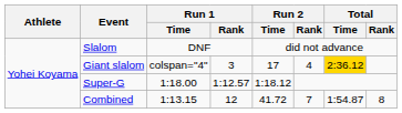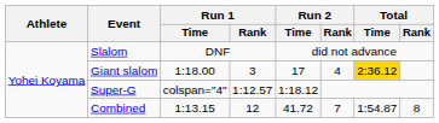 <table class="wikitable" style="font-size:90%">
 <tr>
 <th rowspan=2>Athlete</th>
 <th rowspan=2>Event</th>
 <th colspan=2>Run 1</th>
 <th colspan=2>Run 2</th>
 <th colspan=2>Total</th>
 </tr>
 <tr style="font-size:95%">
 <th>Time</th>
 <th>Rank</th>
 <th>Time</th>
 <th>Rank</th>
 <th>Time</th>
 <th>Rank</th>
 </tr>
 <tr align=center>
 <td align="left" rowspan="4"><a href='#'>Yohei Koyama</a></td>
 <td align="left"><a href='#'>Slalom</a></td>
 <td colspan=2>DNF</td>
 <td colspan=4>did not advance</td>
 </tr>
 <tr align=center>
 <td align="left"><a href='#'>Giant slalom</a></td>
-<td>colspan="4" </td>
+<td>1:18.00</td>
 <td>3</td>
 <td>17</td>
 <td>4</td>
 <td style="background: gold;">2:36.12</td>
 <td></td>
 </tr>
 <tr align=center>
 <td align="left"><a href='#'>Super-G</a></td>
-<td>1:18.00</td>
+<td>colspan="4" </td>
 <td>1:12.57</td>
 <td>1:18.12</td>
 </tr>
 <tr align=center>
 <td align="left"><a href='#'>Combined</a></td>
 <td>1:13.15</td>
 <td>12</td>
 <td>41.72</td>
 <td>7</td>
 <td>1:54.87</td>
 <td>8</td>
 </tr>
 </table>
